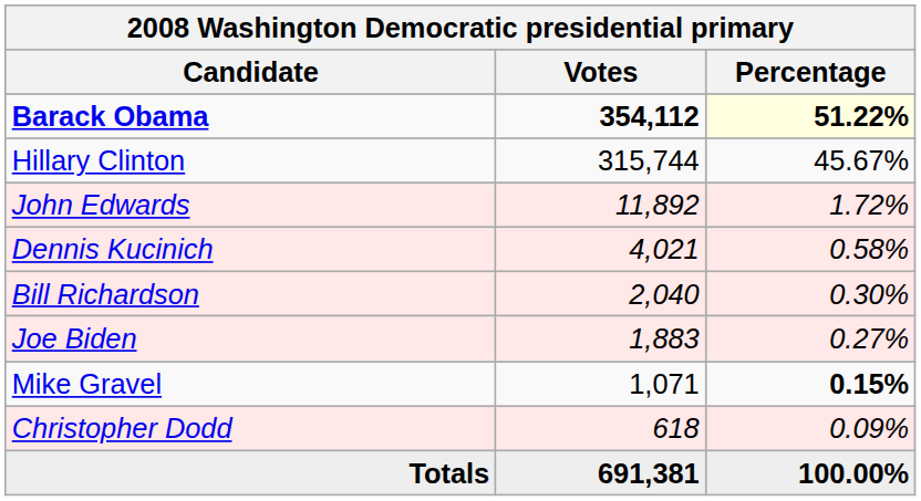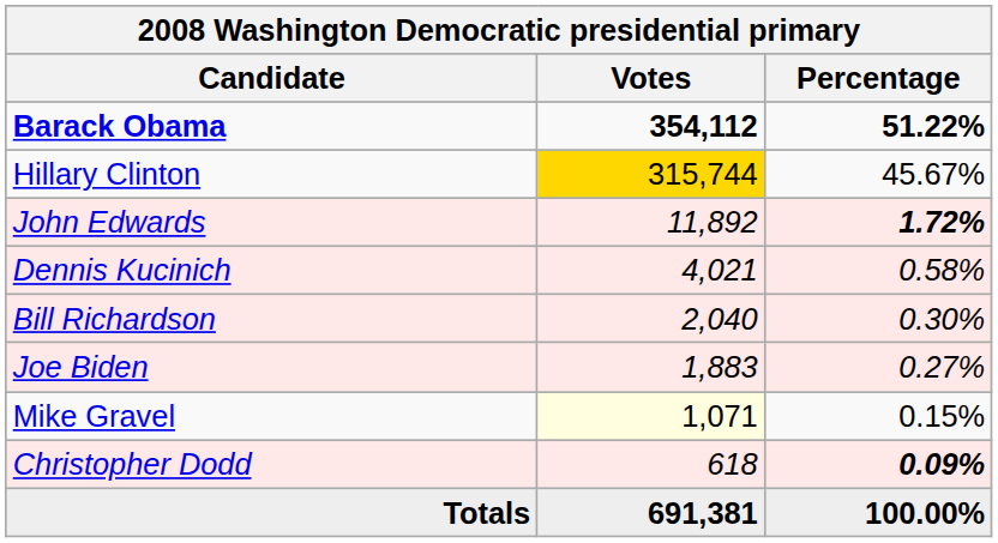 <table class="wikitable" style="font-size: 95%; text-align:right;">
 <tr>
 <th colspan="4">2008 Washington Democratic presidential primary</th>
 </tr>
 <tr>
 <th style="width: 17em">Candidate</th>
 <th style="width: 7em">Votes</th>
 <th style="width: 7em">Percentage</th>
 </tr>
 <tr>
 <td align="left"><strong><a href='#'>Barack Obama</a></strong></td>
 <td><strong>354,112</strong></td>
-<td style="background: lightyellow;"><strong>51.22%</strong></td>
+<td><strong>51.22%</strong></td>
 </tr>
 <tr>
 <td align="left"><a href='#'>Hillary Clinton</a></td>
-<td>315,744</td>
+<td style="background: gold;">315,744</td>
 <td>45.67%</td>
 </tr>
 <tr bgcolor=#FFE8E8>
 <td align="left"><em><a href='#'>John Edwards</a></em></td>
 <td><em>11,892</em></td>
-<td><em>1.72%</em></td>
+<td><strong><em>1.72%</em></strong></td>
 </tr>
 <tr bgcolor=#FFE8E8>
 <td align="left"><em><a href='#'>Dennis Kucinich</a></em></td>
 <td><em>4,021</em></td>
 <td><em>0.58%</em></td>
 </tr>
 <tr bgcolor=#FFE8E8>
 <td align="left"><em><a href='#'>Bill Richardson</a></em></td>
 <td><em>2,040</em></td>
 <td><em>0.30%</em></td>
 </tr>
 <tr bgcolor=#FFE8E8>
 <td align="left"><em><a href='#'>Joe Biden</a></em></td>
 <td><em>1,883</em></td>
 <td><em>0.27%</em></td>
 </tr>
 <tr>
 <td align="left"><a href='#'>Mike Gravel</a></td>
-<td>1,071</td>
-<td><strong>0.15%</strong></td>
+<td style="background: lightyellow;">1,071</td>
+<td>0.15%</td>
 </tr>
 <tr bgcolor=#FFE8E8>
 <td align="left"><em><a href='#'>Christopher Dodd</a></em></td>
 <td><em>618</em></td>
-<td><em>0.09%</em></td>
+<td><strong><em>0.09%</em></strong></td>
 </tr>
 <tr bgcolor="#EEEEEE" style="margin-right:0.5em">
 <td><strong>Totals</strong></td>
 <td><strong>691,381</strong></td>
 <td><strong>100.00%</strong></td>
 </tr>
 </table>
